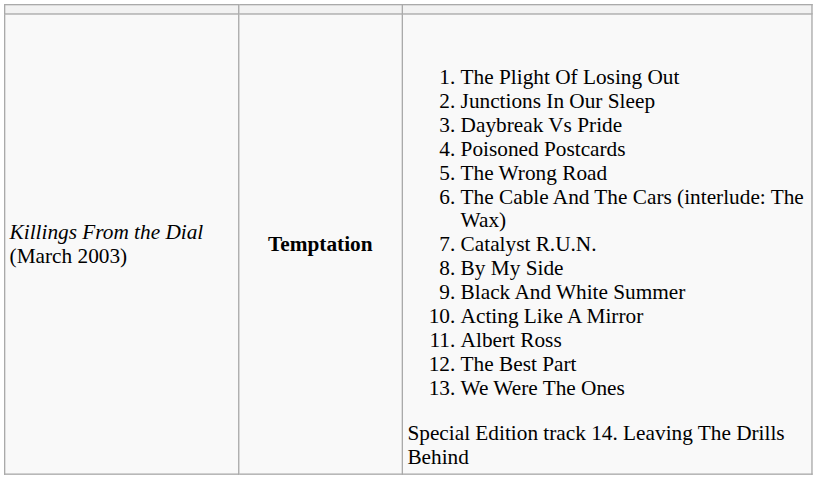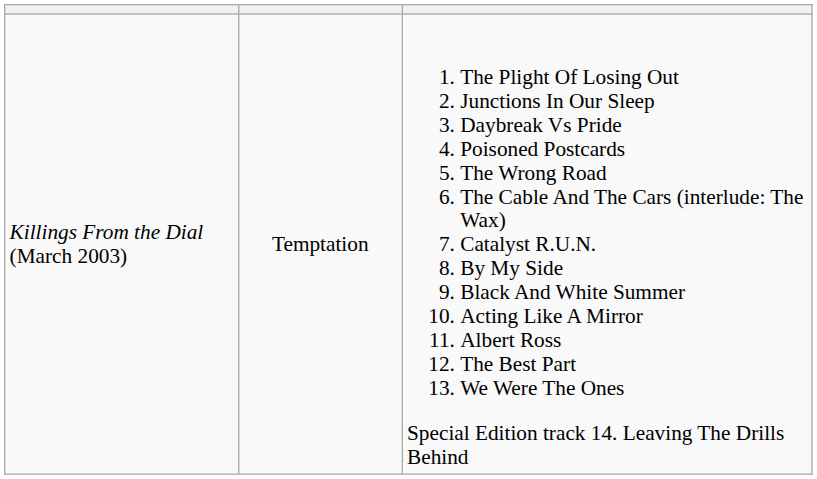 <table class="wikitable">
 <tr>
 <th width="180"></th>
 <th width="120"></th>
 <th width="320"></th>
 </tr>
 <tr>
 <td><em>Killings From the Dial</em><br>(March 2003)</td>
-<td style="text-align:center"><strong>Temptation</strong></td>
+<td style="text-align:center">Temptation</td>
 <td><br><ol><li>The Plight Of Losing Out</li><li>Junctions In Our Sleep</li><li>Daybreak Vs Pride</li><li>Poisoned Postcards</li><li>The Wrong Road</li><li>The Cable And The Cars (interlude: The Wax)</li><li>Catalyst R.U.N.</li><li>By My Side</li><li>Black And White Summer</li><li>Acting Like A Mirror</li><li>Albert Ross</li><li>The Best Part</li><li>We Were The Ones</li></ol>Special Edition track 14. Leaving The Drills Behind</td>
 </tr>
 </table>
